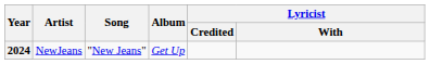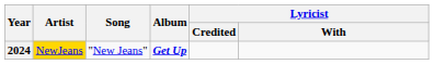 <table class="wikitable plainrowheaders">
 <tr>
 <th rowspan="2">Year</th>
 <th rowspan="2">Artist</th>
 <th rowspan="2">Song</th>
 <th rowspan="2">Album</th>
 <th colspan="2"><a href='#'>Lyricist</a></th>
 </tr>
 <tr>
 <th>Credited</th>
 <th style="width:16em">With</th>
 </tr>
 <tr>
 <th>2024</th>
-<td><a href='#'>NewJeans</a></td>
+<td style="background: gold;"><a href='#'>NewJeans</a></td>
 <td>"<a href='#'>New Jeans</a>"</td>
-<td><em><a href='#'>Get Up</a></em></td>
+<td><strong><em><a href='#'>Get Up</a></em></strong></td>
 <td></td>
 <td style="text-align:center"></td>
 </tr>
 </table>
